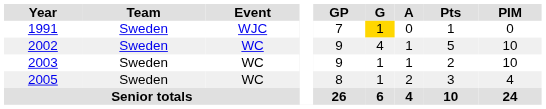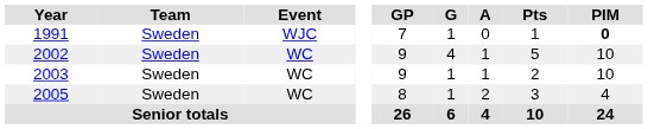 <table border="0" cellpadding="1" cellspacing="0" style="text-align:center; width:40em">
 <tr ALIGN="center" bgcolor="#e0e0e0">
 <th>Year</th>
 <th>Team</th>
 <th>Event</th>
 <th rowspan="99" bgcolor="#ffffff"> </th>
 <th>GP</th>
 <th>G</th>
 <th>A</th>
 <th>Pts</th>
 <th>PIM</th>
 </tr>
 <tr>
 <td><a href='#'>1991</a></td>
 <td><a href='#'>Sweden</a></td>
 <td><a href='#'>WJC</a></td>
 <td>7</td>
-<td style="background: gold;">1</td>
+<td>1</td>
 <td>0</td>
 <td>1</td>
-<td>0</td>
+<td><strong>0</strong></td>
 </tr>
 <tr bgcolor="#f0f0f0">
 <td><a href='#'>2002</a></td>
 <td><a href='#'>Sweden</a></td>
 <td><a href='#'>WC</a></td>
 <td>9</td>
 <td>4</td>
 <td>1</td>
 <td>5</td>
 <td>10</td>
 </tr>
 <tr>
 <td><a href='#'>2003</a></td>
 <td>Sweden</td>
 <td>WC</td>
 <td>9</td>
 <td>1</td>
 <td>1</td>
 <td>2</td>
 <td>10</td>
 </tr>
 <tr bgcolor="#f0f0f0">
 <td><a href='#'>2005</a></td>
 <td>Sweden</td>
 <td>WC</td>
 <td>8</td>
 <td>1</td>
 <td>2</td>
 <td>3</td>
 <td>4</td>
 </tr>
 <tr bgcolor="#e0e0e0">
 <th colspan="3">Senior totals</th>
 <th>26</th>
 <th>6</th>
 <th>4</th>
 <th>10</th>
 <th>24</th>
 </tr>
 </table>
